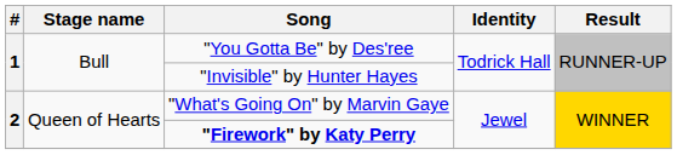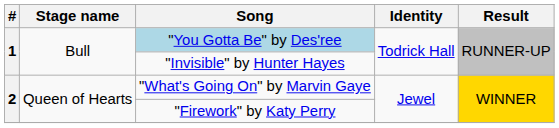 <table class="wikitable plainrowheaders" style="text-align: center;">
 <tr>
 <th>#</th>
 <th>Stage name</th>
 <th>Song</th>
 <th>Identity</th>
 <th>Result</th>
 </tr>
 <tr>
 <th rowspan="2">1</th>
 <td rowspan="2">Bull</td>
-<td>"<a href='#'>You Gotta Be</a>" by <a href='#'>Des'ree</a></td>
+<td style="background: lightblue;">"<a href='#'>You Gotta Be</a>" by <a href='#'>Des'ree</a></td>
 <td rowspan="2"><a href='#'>Todrick Hall</a></td>
 <td rowspan="2" bgcolor=silver>RUNNER-UP</td>
 </tr>
 <tr>
 <td>"<a href='#'>Invisible</a>" by <a href='#'>Hunter Hayes</a></td>
 </tr>
 <tr>
 <th rowspan="2">2</th>
 <td rowspan="2">Queen of Hearts</td>
 <td>"<a href='#'>What's Going On</a>" by <a href='#'>Marvin Gaye</a></td>
 <td rowspan="2"><a href='#'>Jewel</a></td>
 <td rowspan="2" bgcolor=gold>WINNER</td>
 </tr>
 <tr>
-<td><strong>"<a href='#'>Firework</a>" by <a href='#'>Katy Perry</a></strong></td>
+<td>"<a href='#'>Firework</a>" by <a href='#'>Katy Perry</a></td>
 </tr>
 <tr>
 </tr>
 </table>
